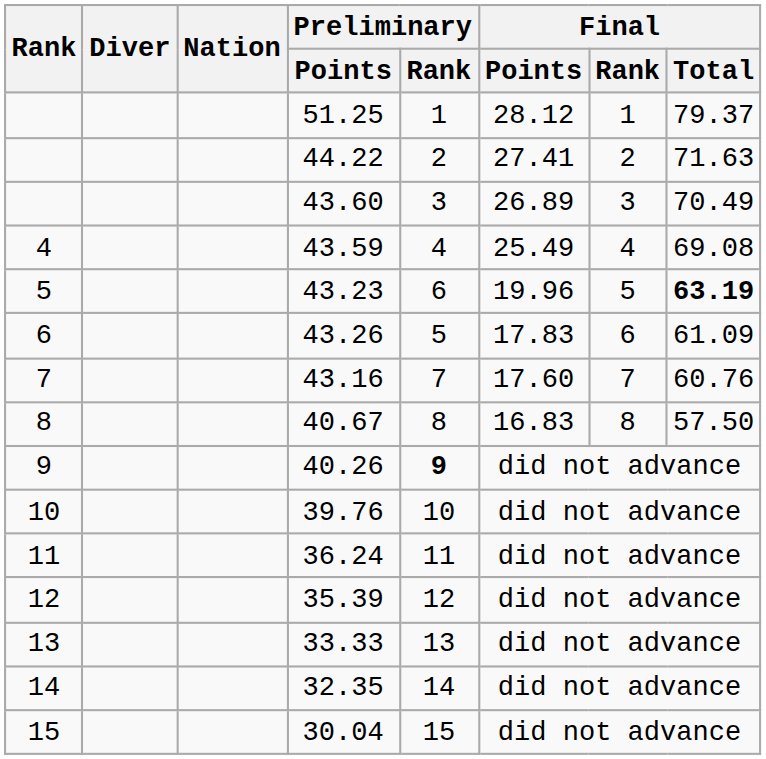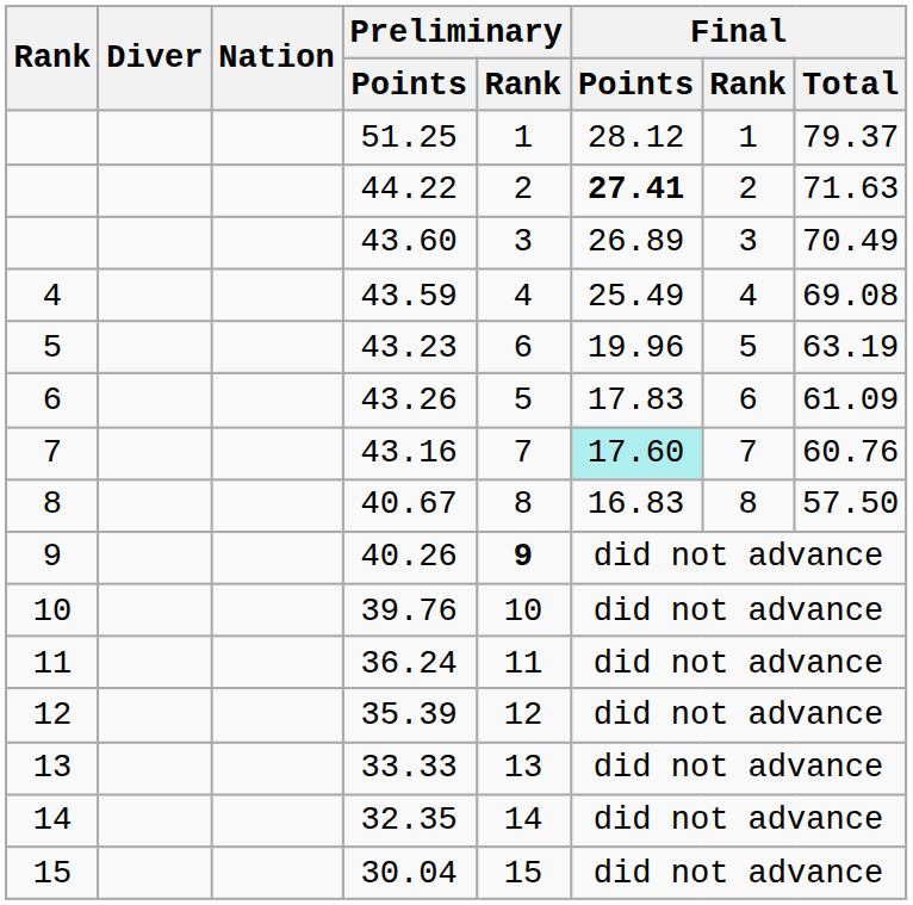 <table class="wikitable sortable" style="text-align:center;">
 <tr>
 <th rowspan=2>Rank</th>
 <th rowspan=2>Diver</th>
 <th rowspan=2>Nation</th>
 <th colspan=2>Preliminary</th>
 <th colspan=3>Final</th>
 </tr>
 <tr>
 <th>Points</th>
 <th>Rank</th>
 <th>Points</th>
 <th>Rank</th>
 <th>Total</th>
 </tr>
 <tr>
 <td></td>
 <td align=left></td>
 <td align=left></td>
 <td>51.25</td>
 <td>1</td>
 <td>28.12</td>
 <td>1</td>
 <td>79.37</td>
 </tr>
 <tr>
 <td></td>
 <td align=left></td>
 <td align=left></td>
 <td>44.22</td>
 <td>2</td>
-<td>27.41</td>
+<td><strong>27.41</strong></td>
 <td>2</td>
 <td>71.63</td>
 </tr>
 <tr>
 <td></td>
 <td align=left></td>
 <td align=left></td>
 <td>43.60</td>
 <td>3</td>
 <td>26.89</td>
 <td>3</td>
 <td>70.49</td>
 </tr>
 <tr>
 <td>4</td>
 <td align=left></td>
 <td align=left></td>
 <td>43.59</td>
 <td>4</td>
 <td>25.49</td>
 <td>4</td>
 <td>69.08</td>
 </tr>
 <tr>
 <td>5</td>
 <td align=left></td>
 <td align=left></td>
 <td>43.23</td>
 <td>6</td>
 <td>19.96</td>
 <td>5</td>
-<td><strong>63.19</strong></td>
+<td>63.19</td>
 </tr>
 <tr>
 <td>6</td>
 <td align=left></td>
 <td align=left></td>
 <td>43.26</td>
 <td>5</td>
 <td>17.83</td>
 <td>6</td>
 <td>61.09</td>
 </tr>
 <tr>
 <td>7</td>
 <td align=left></td>
 <td align=left></td>
 <td>43.16</td>
 <td>7</td>
-<td>17.60</td>
+<td style="background: paleturquoise;">17.60</td>
 <td>7</td>
 <td>60.76</td>
 </tr>
 <tr>
 <td>8</td>
 <td align=left></td>
 <td align=left></td>
 <td>40.67</td>
 <td>8</td>
 <td>16.83</td>
 <td>8</td>
 <td>57.50</td>
 </tr>
 <tr>
 <td>9</td>
 <td align=left></td>
 <td align=left></td>
 <td>40.26</td>
 <td><strong>9</strong></td>
 <td colspan=3>did not advance</td>
 </tr>
 <tr>
 <td>10</td>
 <td align=left></td>
 <td align=left></td>
 <td>39.76</td>
 <td>10</td>
 <td colspan=3>did not advance</td>
 </tr>
 <tr>
 <td>11</td>
 <td align=left></td>
 <td align=left></td>
 <td>36.24</td>
 <td>11</td>
 <td colspan=3>did not advance</td>
 </tr>
 <tr>
 <td>12</td>
 <td align=left></td>
 <td align=left></td>
 <td>35.39</td>
 <td>12</td>
 <td colspan=3>did not advance</td>
 </tr>
 <tr>
 <td>13</td>
 <td align=left></td>
 <td align=left></td>
 <td>33.33</td>
 <td>13</td>
 <td colspan=3>did not advance</td>
 </tr>
 <tr>
 <td>14</td>
 <td align=left></td>
 <td align=left></td>
 <td>32.35</td>
 <td>14</td>
 <td colspan=3>did not advance</td>
 </tr>
 <tr>
 <td>15</td>
 <td align=left></td>
 <td align=left></td>
 <td>30.04</td>
 <td>15</td>
 <td colspan=3>did not advance</td>
 </tr>
 </table>
